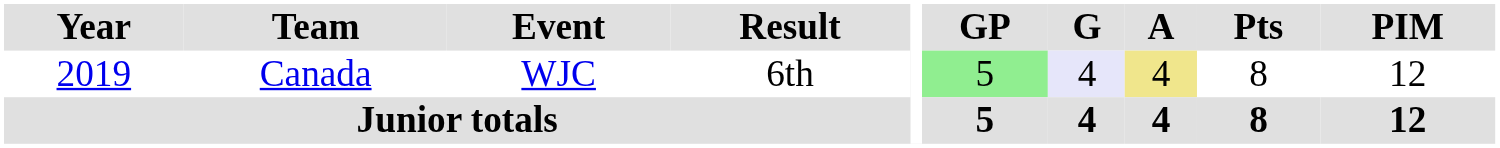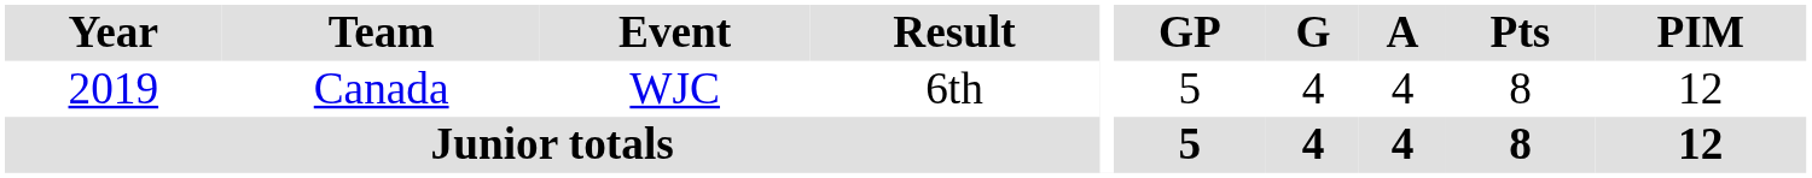 <table border="0" cellpadding="1" cellspacing="0" ID="Table3" style="text-align:center; width:40em">
 <tr ALIGN="center" bgcolor="#e0e0e0">
 <th>Year</th>
 <th>Team</th>
 <th>Event</th>
 <th>Result</th>
 <th rowspan="102" bgcolor="#ffffff"></th>
 <th>GP</th>
 <th>G</th>
 <th>A</th>
 <th>Pts</th>
 <th>PIM</th>
 </tr>
 <tr>
 <td><a href='#'>2019</a></td>
 <td><a href='#'>Canada</a></td>
 <td><a href='#'>WJC</a></td>
 <td>6th</td>
-<td style="background: lightgreen;">5</td>
-<td style="background: lavender;">4</td>
-<td style="background: khaki;">4</td>
+<td>5</td>
+<td>4</td>
+<td>4</td>
 <td>8</td>
 <td>12</td>
 </tr>
 <tr bgcolor="#e0e0e0">
 <th colspan="4">Junior totals</th>
 <th>5</th>
 <th>4</th>
 <th>4</th>
 <th>8</th>
 <th>12</th>
 </tr>
 </table>
